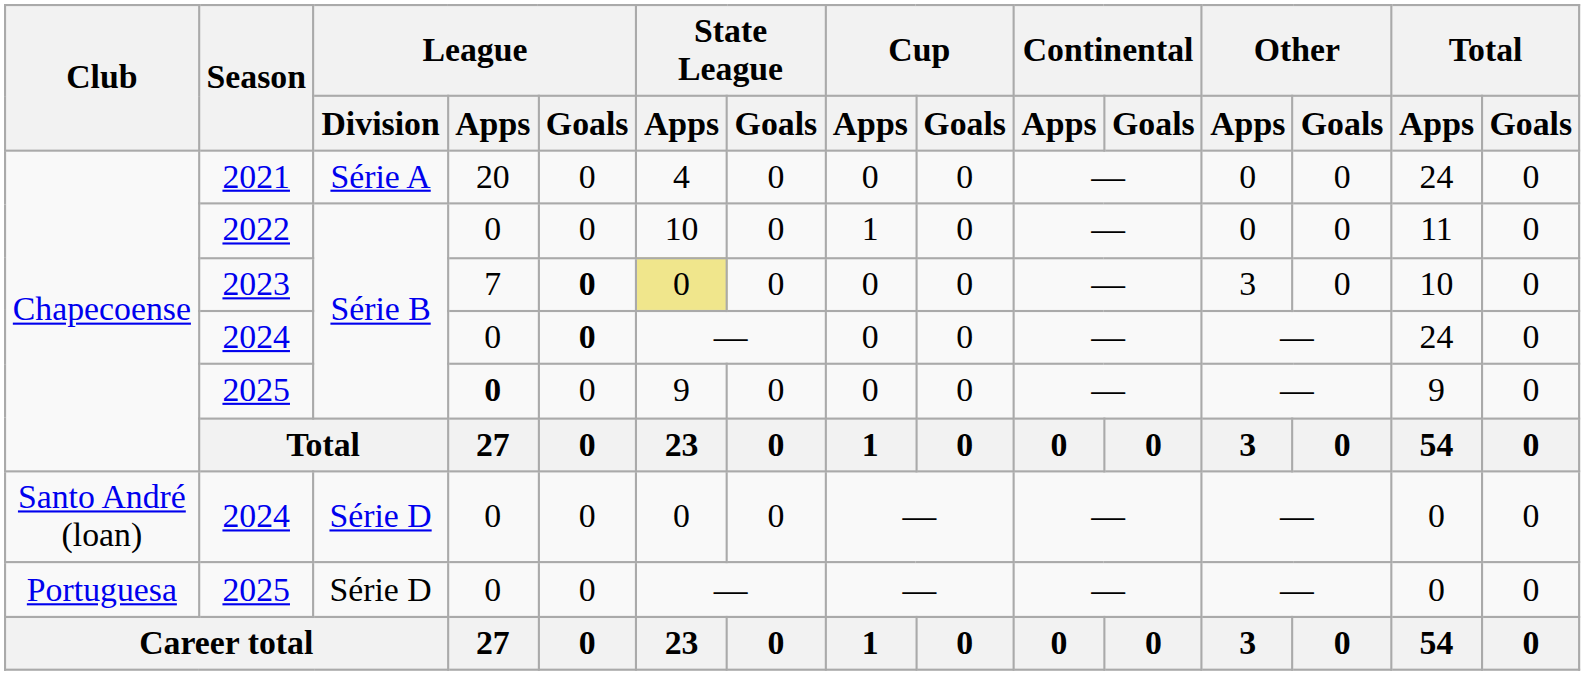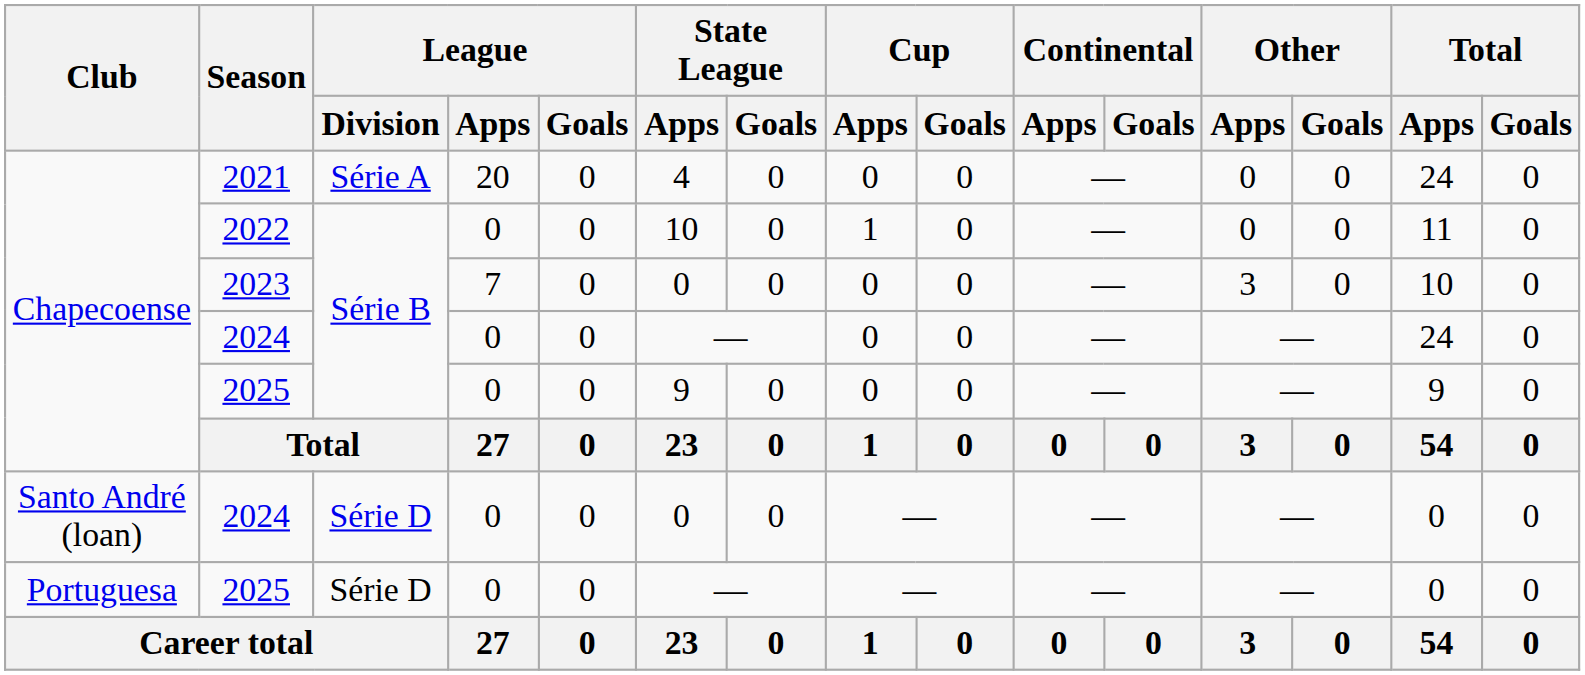 <table class="wikitable" style="text-align: center;">
 <tr>
 <th rowspan="2">Club</th>
 <th rowspan="2">Season</th>
 <th colspan="3">League</th>
 <th colspan="2">State League</th>
 <th colspan="2">Cup</th>
 <th colspan="2">Continental</th>
 <th colspan="2">Other</th>
 <th colspan="2">Total</th>
 </tr>
 <tr>
 <th>Division</th>
 <th>Apps</th>
 <th>Goals</th>
 <th>Apps</th>
 <th>Goals</th>
 <th>Apps</th>
 <th>Goals</th>
 <th>Apps</th>
 <th>Goals</th>
 <th>Apps</th>
 <th>Goals</th>
 <th>Apps</th>
 <th>Goals</th>
 </tr>
 <tr>
 <td rowspan="6"><a href='#'>Chapecoense</a></td>
 <td><a href='#'>2021</a></td>
 <td><a href='#'>Série A</a></td>
 <td>20</td>
 <td>0</td>
 <td>4</td>
 <td>0</td>
 <td>0</td>
 <td>0</td>
 <td colspan="2">—</td>
 <td>0</td>
 <td>0</td>
 <td>24</td>
 <td>0</td>
 </tr>
 <tr>
 <td><a href='#'>2022</a></td>
 <td rowspan="4"><a href='#'>Série B</a></td>
 <td>0</td>
 <td>0</td>
 <td>10</td>
 <td>0</td>
 <td>1</td>
 <td>0</td>
 <td colspan="2">—</td>
 <td>0</td>
 <td>0</td>
 <td>11</td>
 <td>0</td>
 </tr>
 <tr>
 <td><a href='#'>2023</a></td>
 <td>7</td>
-<td><strong>0</strong></td>
-<td style="background: khaki;">0</td>
+<td>0</td>
+<td>0</td>
 <td>0</td>
 <td>0</td>
 <td>0</td>
 <td colspan="2">—</td>
 <td>3</td>
 <td>0</td>
 <td>10</td>
 <td>0</td>
 </tr>
 <tr>
 <td><a href='#'>2024</a></td>
 <td>0</td>
-<td><strong>0</strong></td>
+<td>0</td>
 <td colspan="2">—</td>
 <td>0</td>
 <td>0</td>
 <td colspan="2">—</td>
 <td colspan="2">—</td>
 <td>24</td>
 <td>0</td>
 </tr>
 <tr>
 <td><a href='#'>2025</a></td>
-<td><strong>0</strong></td>
+<td>0</td>
 <td>0</td>
 <td>9</td>
 <td>0</td>
 <td>0</td>
 <td>0</td>
 <td colspan="2">—</td>
 <td colspan="2">—</td>
 <td>9</td>
 <td>0</td>
 </tr>
 <tr>
 <th colspan="2">Total</th>
 <th>27</th>
 <th>0</th>
 <th>23</th>
 <th>0</th>
 <th>1</th>
 <th>0</th>
 <th>0</th>
 <th>0</th>
 <th>3</th>
 <th>0</th>
 <th>54</th>
 <th>0</th>
 </tr>
 <tr>
 <td><a href='#'>Santo André</a> (loan)</td>
 <td><a href='#'>2024</a></td>
 <td><a href='#'>Série D</a></td>
 <td>0</td>
 <td>0</td>
 <td>0</td>
 <td>0</td>
 <td colspan="2">—</td>
 <td colspan="2">—</td>
 <td colspan="2">—</td>
 <td>0</td>
 <td>0</td>
 </tr>
 <tr>
 <td><a href='#'>Portuguesa</a></td>
 <td><a href='#'>2025</a></td>
 <td>Série D</td>
 <td>0</td>
 <td>0</td>
 <td colspan="2">—</td>
 <td colspan="2">—</td>
 <td colspan="2">—</td>
 <td colspan="2">—</td>
 <td>0</td>
 <td>0</td>
 </tr>
 <tr>
 <th colspan="3"><strong>Career total</strong></th>
 <th>27</th>
 <th>0</th>
 <th>23</th>
 <th>0</th>
 <th>1</th>
 <th>0</th>
 <th>0</th>
 <th>0</th>
 <th>3</th>
 <th>0</th>
 <th>54</th>
 <th>0</th>
 </tr>
 </table>
